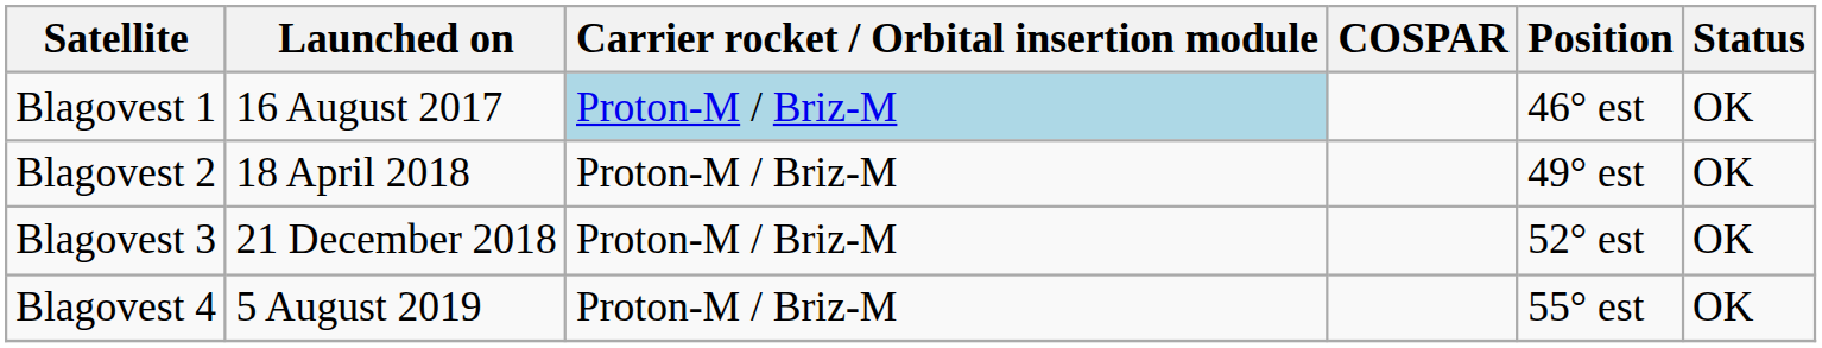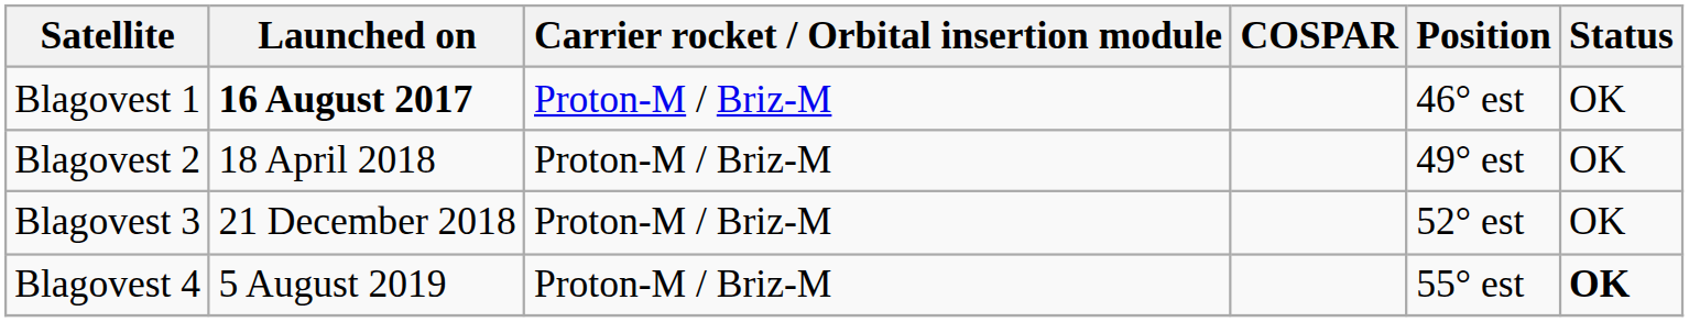 <table class="wikitable alternance centre">
 <tr>
 <th>Satellite</th>
 <th>Launched on</th>
 <th>Carrier rocket / Orbital insertion module</th>
 <th>COSPAR</th>
 <th>Position</th>
 <th>Status</th>
 </tr>
 <tr>
 <td>Blagovest 1</td>
-<td>16 August 2017</td>
-<td style="background: lightblue;"><a href='#'>Proton-M</a> / <a href='#'>Briz-M</a></td>
+<td><strong>16 August 2017</strong></td>
+<td><a href='#'>Proton-M</a> / <a href='#'>Briz-M</a></td>
 <td></td>
 <td>46° est</td>
 <td>OK</td>
 </tr>
 <tr>
 <td>Blagovest 2</td>
 <td>18 April 2018</td>
 <td>Proton-M / Briz-M</td>
 <td></td>
 <td>49° est</td>
 <td>OK</td>
 </tr>
 <tr>
 <td>Blagovest 3</td>
 <td>21 December 2018</td>
 <td>Proton-M / Briz-M</td>
 <td></td>
 <td>52° est</td>
 <td>OK</td>
 </tr>
 <tr>
 <td>Blagovest 4</td>
 <td>5 August 2019</td>
 <td>Proton-M / Briz-M</td>
 <td></td>
 <td>55° est</td>
-<td>OK</td>
+<td><strong>OK</strong></td>
 </tr>
 <tr>
 </tr>
 </table>
